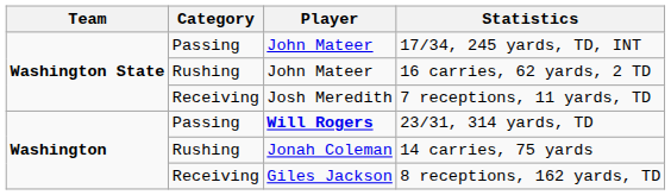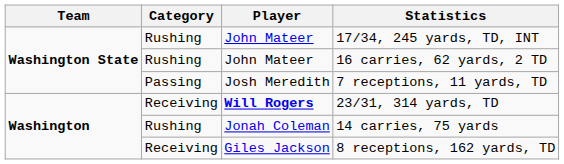 <table class="wikitable" style="float: right;">
 <tr>
 <th>Team</th>
 <th>Category</th>
 <th>Player</th>
 <th>Statistics</th>
 </tr>
 <tr>
 <td rowspan=3><strong>Washington State</strong></td>
-<td>Passing</td>
+<td>Rushing</td>
 <td><a href='#'>John Mateer</a></td>
 <td>17/34, 245 yards, TD, INT</td>
 </tr>
 <tr>
 <td>Rushing</td>
 <td>John Mateer</td>
 <td>16 carries, 62 yards, 2 TD</td>
 </tr>
 <tr>
-<td>Receiving</td>
+<td>Passing</td>
 <td>Josh Meredith</td>
 <td>7 receptions, 11 yards, TD</td>
 </tr>
 <tr>
 <td rowspan=3><strong>Washington</strong></td>
-<td>Passing</td>
+<td>Receiving</td>
 <td><strong><a href='#'>Will Rogers</a></strong></td>
 <td>23/31, 314 yards, TD</td>
 </tr>
 <tr>
 <td>Rushing</td>
 <td><a href='#'>Jonah Coleman</a></td>
 <td>14 carries, 75 yards</td>
 </tr>
 <tr>
 <td>Receiving</td>
 <td><a href='#'>Giles Jackson</a></td>
 <td>8 receptions, 162 yards, TD</td>
 </tr>
 </table>
